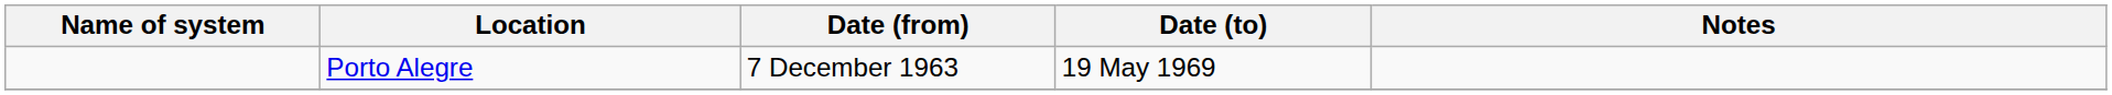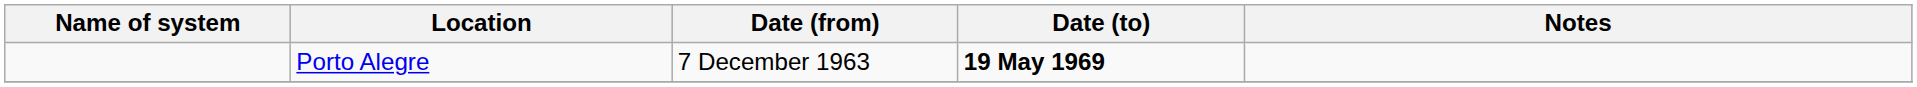 <table class="wikitable" width=100%>
 <tr>
 <th width=15%>Name of system</th>
 <th width=20%>Location</th>
 <th width=15%>Date (from)</th>
 <th width=15%>Date (to)</th>
 <th width=35%>Notes</th>
 </tr>
 <tr>
 <td> </td>
 <td><a href='#'>Porto Alegre</a></td>
 <td>7 December 1963</td>
-<td>19 May 1969</td>
+<td><strong>19 May 1969</strong></td>
 <td> </td>
 </tr>
 <tr>
 </tr>
 </table>
